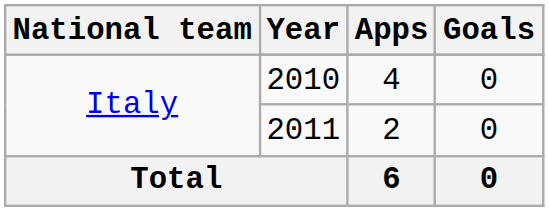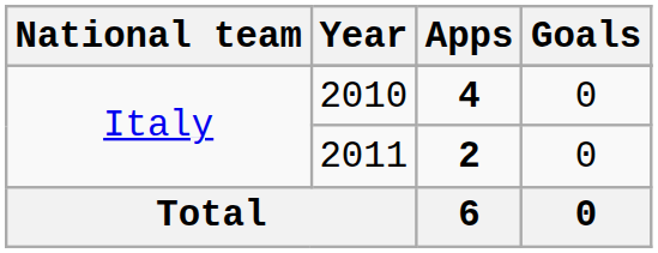 <table class="wikitable" style="text-align:center">
 <tr>
 <th>National team</th>
 <th>Year</th>
 <th>Apps</th>
 <th>Goals</th>
 </tr>
 <tr>
 <td rowspan="3"><a href='#'>Italy</a></td>
 </tr>
 <tr>
 <td>2010</td>
-<td>4</td>
+<td><strong>4</strong></td>
 <td>0</td>
 </tr>
 <tr>
 <td>2011</td>
-<td>2</td>
+<td><strong>2</strong></td>
 <td>0</td>
 </tr>
 <tr>
 <th colspan="2">Total</th>
 <th>6</th>
 <th>0</th>
 </tr>
 </table>
